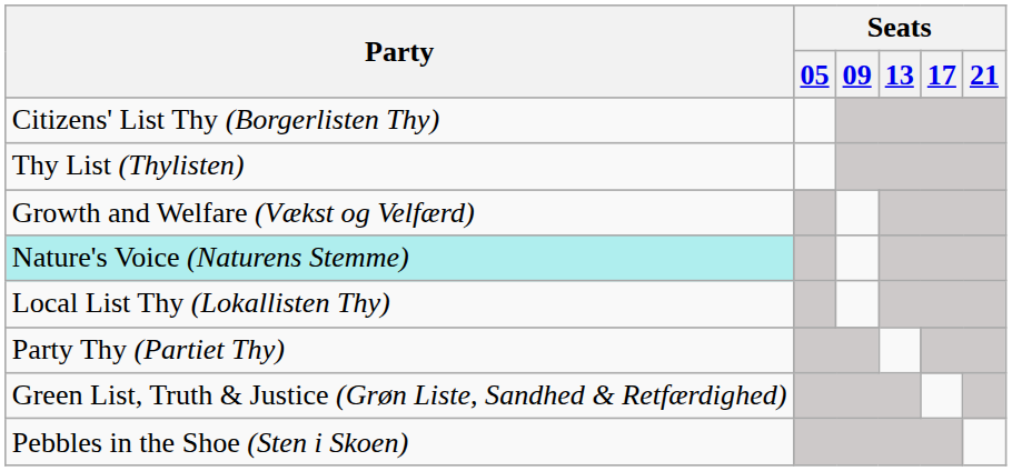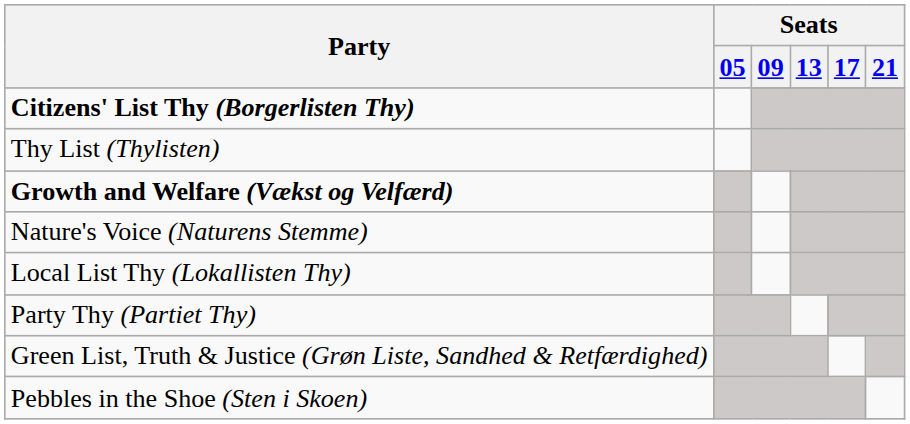 <table class="wikitable">
 <tr>
 <th rowspan=2>Party</th>
 <th colspan=11>Seats</th>
 </tr>
 <tr>
 <th><a href='#'>05</a></th>
 <th><a href='#'>09</a></th>
 <th><a href='#'>13</a></th>
 <th><a href='#'>17</a></th>
 <th><a href='#'>21</a></th>
 </tr>
 <tr>
-<td>Citizens' List Thy <em>(Borgerlisten Thy)</em></td>
+<td><strong>Citizens' List Thy <em>(Borgerlisten Thy)</em></strong></td>
 <td></td>
 <td style="background:#CDC9C9;" colspan=4></td>
 </tr>
 <tr>
 <td>Thy List <em>(Thylisten)</em></td>
 <td></td>
 <td style="background:#CDC9C9;" colspan=4></td>
 </tr>
 <tr>
-<td>Growth and Welfare <em>(Vækst og Velfærd)</em></td>
+<td><strong>Growth and Welfare <em>(Vækst og Velfærd)</em></strong></td>
 <td style="background:#CDC9C9;"></td>
 <td></td>
 <td style="background:#CDC9C9;" colspan=3></td>
 </tr>
 <tr>
-<td style="background: paleturquoise;">Nature's Voice <em>(Naturens Stemme)</em></td>
+<td>Nature's Voice <em>(Naturens Stemme)</em></td>
 <td style="background:#CDC9C9;"></td>
 <td></td>
 <td style="background:#CDC9C9;" colspan=3></td>
 </tr>
 <tr>
 <td>Local List Thy <em>(Lokallisten Thy)</em></td>
 <td style="background:#CDC9C9;"></td>
 <td></td>
 <td style="background:#CDC9C9;" colspan=3></td>
 </tr>
 <tr>
 <td>Party Thy <em>(Partiet Thy)</em></td>
 <td style="background:#CDC9C9;" colspan=2></td>
 <td></td>
 <td style="background:#CDC9C9;" colspan=2></td>
 </tr>
 <tr>
 <td>Green List, Truth & Justice <em>(Grøn Liste, Sandhed & Retfærdighed)</em></td>
 <td style="background:#CDC9C9;" colspan=3></td>
 <td></td>
 <td style="background:#CDC9C9;"></td>
 </tr>
 <tr>
 <td>Pebbles in the Shoe <em>(Sten i Skoen)</em></td>
 <td style="background:#CDC9C9;" colspan=4></td>
 <td></td>
 </tr>
 </table>
